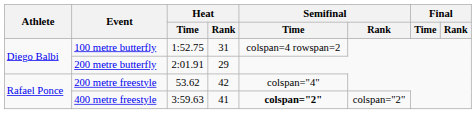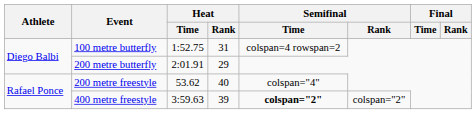 <table class="wikitable" style="text-align:center; font-size:90%; width:50%;">
 <tr>
 <th rowspan="2">Athlete</th>
 <th rowspan="2">Event</th>
 <th colspan="2">Heat</th>
 <th colspan="2">Semifinal</th>
 <th colspan="2">Final</th>
 </tr>
 <tr style="font-size:95%">
 <th>Time</th>
 <th>Rank</th>
 <th>Time</th>
 <th>Rank</th>
 <th>Time</th>
 <th>Rank</th>
 </tr>
 <tr align=center>
 <td align=left rowspan=2><a href='#'>Diego Balbi</a></td>
 <td align=left><a href='#'>100 metre butterfly</a></td>
 <td>1:52.75</td>
 <td>31</td>
 <td>colspan=4 rowspan=2 </td>
 </tr>
 <tr align=center>
 <td align=left><a href='#'>200 metre butterfly</a></td>
 <td>2:01.91</td>
 <td>29</td>
 </tr>
 <tr align=center>
 <td align=left rowspan=2><a href='#'>Rafael Ponce</a></td>
 <td align=left><a href='#'>200 metre freestyle</a></td>
 <td>53.62</td>
-<td>42</td>
+<td>40</td>
 <td>colspan="4"  </td>
 </tr>
 <tr align=center>
 <td align=left><a href='#'>400 metre freestyle</a></td>
 <td>3:59.63</td>
-<td>41</td>
+<td>39</td>
 <td><strong>colspan="2"  </strong></td>
 <td>colspan="2"  </td>
 </tr>
 </table>
